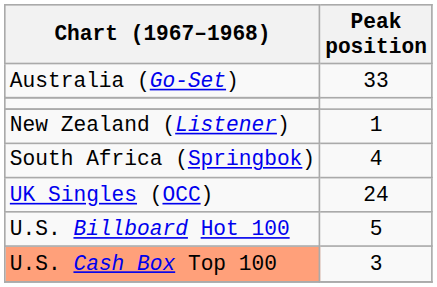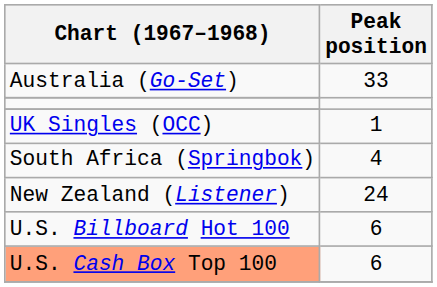 <table class="wikitable sortable">
 <tr>
 <th>Chart (1967–1968)</th>
 <th>Peak<br>position</th>
 </tr>
 <tr>
 <td>Australia (<em><a href='#'>Go-Set</a></em>)</td>
 <td style="text-align:center;">33</td>
 </tr>
 <tr>
 </tr>
 <tr>
 </tr>
 <tr>
 </tr>
 <tr>
 <td></td>
 </tr>
 <tr>
 </tr>
 <tr>
-<td>New Zealand (<em><a href='#'>Listener</a></em>)</td>
+<td><a href='#'>UK Singles</a> (<a href='#'>OCC</a>)</td>
 <td style="text-align:center;">1</td>
 </tr>
 <tr>
 <td>South Africa (<a href='#'>Springbok</a>)</td>
 <td align="center">4</td>
 </tr>
 <tr>
-<td><a href='#'>UK Singles</a> (<a href='#'>OCC</a>)</td>
+<td>New Zealand (<em><a href='#'>Listener</a></em>)</td>
 <td style="text-align:center;">24</td>
 </tr>
 <tr>
 <td>U.S. <em><a href='#'>Billboard</a></em> <a href='#'>Hot 100</a></td>
-<td style="text-align:center;">5</td>
+<td style="text-align:center;">6</td>
 </tr>
 <tr>
 <td style="background: lightsalmon;">U.S. <a href='#'><em>Cash Box</em></a> Top 100</td>
-<td align="center">3</td>
+<td align="center">6</td>
 </tr>
 <tr>
 </tr>
 </table>
